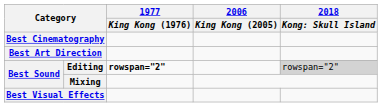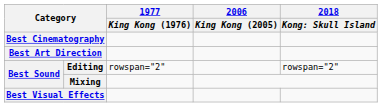 <table class="wikitable plainrowheaders">
 <tr>
 <th colspan="2" rowspan="2" scope="col">Category</th>
 <th><a href='#'>1977</a></th>
 <th><a href='#'>2006</a></th>
 <th><a href='#'>2018</a></th>
 </tr>
 <tr>
 <th><em>King Kong</em> (1976)</th>
 <th><em>King Kong</em> (2005)</th>
 <th><em>Kong: Skull Island</em></th>
 </tr>
 <tr>
 <th colspan="2" scope="row"><a href='#'>Best Cinematography</a></th>
 <td></td>
 <td></td>
 <td></td>
 </tr>
 <tr>
 <th colspan="2" scope="row"><a href='#'>Best Art Direction</a></th>
 <td></td>
 <td></td>
 <td></td>
 </tr>
 <tr>
 <th rowspan="2" scope="row"><a href='#'>Best Sound</a></th>
 <th scope="row">Editing</th>
-<td><strong>rowspan="2" </strong></td>
+<td>rowspan="2" </td>
 <td></td>
-<td style="background: lightgrey;">rowspan="2" </td>
+<td>rowspan="2" </td>
 </tr>
 <tr>
 <th scope="row">Mixing</th>
 <td></td>
 </tr>
 <tr>
 <th colspan="2" scope="row"><a href='#'>Best Visual Effects</a></th>
 <td></td>
 <td></td>
 <td></td>
 </tr>
 </table>
